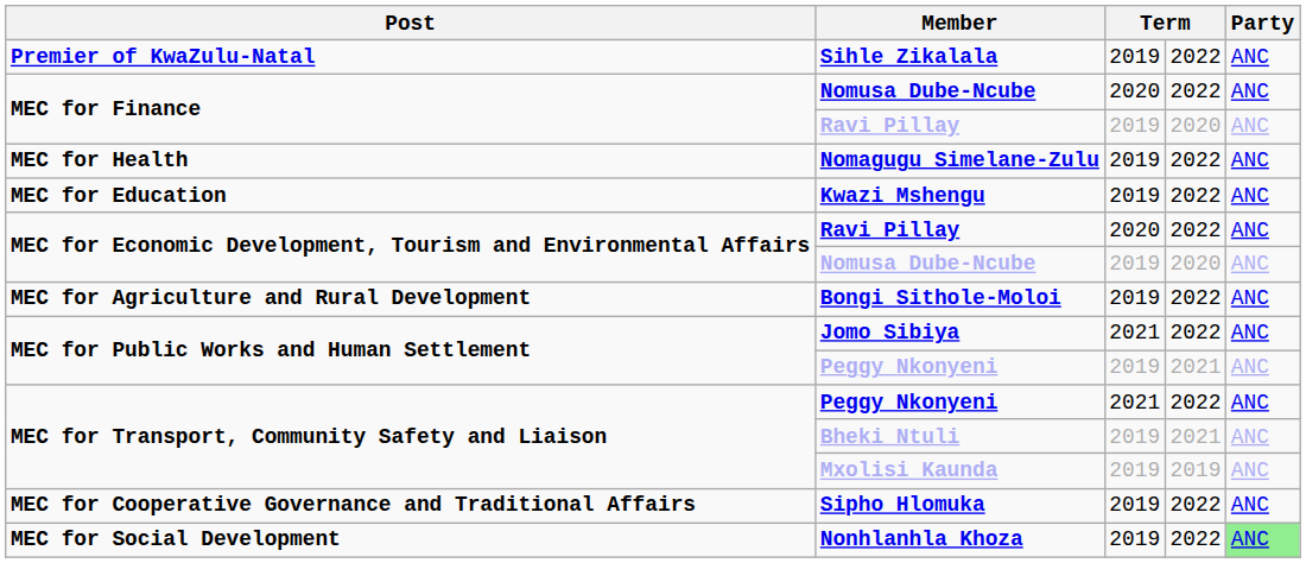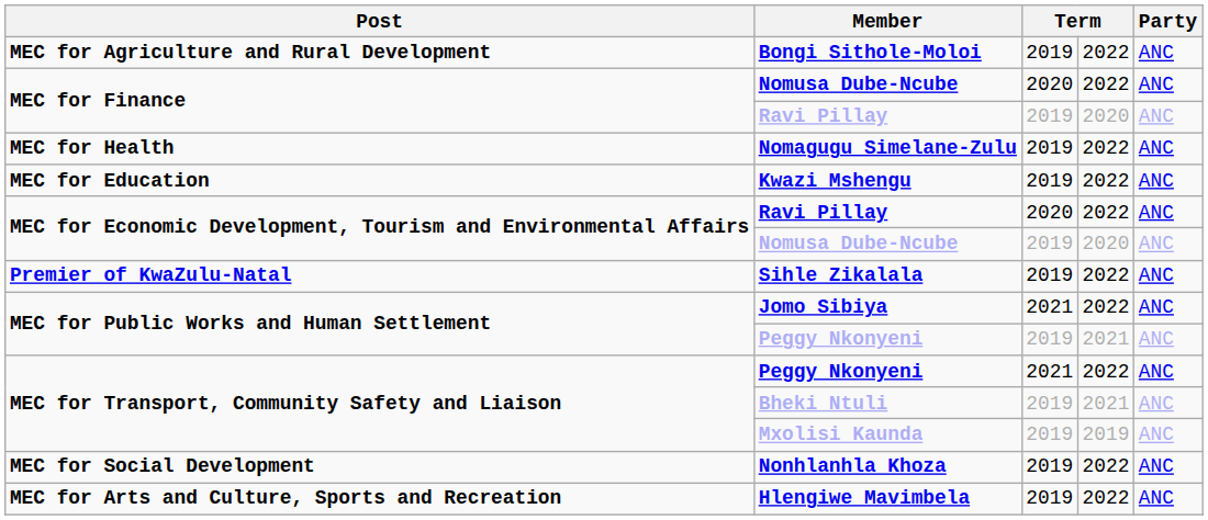 <table class="wikitable">
 <tr>
 <th>Post</th>
 <th>Member</th>
 <th colspan="2">Term</th>
 <th>Party</th>
 </tr>
 <tr>
-<td><strong><a href='#'>Premier of KwaZulu-Natal</a></strong></td>
-<td><strong><a href='#'>Sihle Zikalala</a></strong></td>
+<td><strong>MEC for Agriculture and Rural Development</strong></td>
+<td><strong><a href='#'>Bongi Sithole-Moloi</a></strong></td>
 <td>2019</td>
 <td>2022</td>
 <td><a href='#'>ANC</a></td>
 </tr>
 <tr>
 <td rowspan="2"><strong>MEC for Finance</strong></td>
 <td><strong><a href='#'>Nomusa Dube-Ncube</a></strong></td>
 <td>2020</td>
 <td>2022</td>
 <td><a href='#'>ANC</a></td>
 </tr>
 <tr style="opacity:.3;">
 <td><strong><a href='#'>Ravi Pillay</a></strong></td>
 <td>2019</td>
 <td>2020</td>
 <td><a href='#'>ANC</a></td>
 </tr>
 <tr>
 <td><strong>MEC for Health</strong></td>
 <td><strong><a href='#'>Nomagugu Simelane-Zulu</a></strong></td>
 <td>2019</td>
 <td>2022</td>
 <td><a href='#'>ANC</a></td>
 </tr>
 <tr>
 <td><strong>MEC for Education</strong></td>
 <td><strong><a href='#'>Kwazi Mshengu</a></strong></td>
 <td>2019</td>
 <td>2022</td>
 <td><a href='#'>ANC</a></td>
 </tr>
 <tr>
 <td rowspan="2"><strong>MEC for Economic Development, Tourism and Environmental Affairs</strong></td>
 <td><strong><a href='#'>Ravi Pillay</a></strong></td>
 <td>2020</td>
 <td>2022</td>
 <td><a href='#'>ANC</a></td>
 </tr>
 <tr style="opacity:.3;">
 <td><strong><a href='#'>Nomusa Dube-Ncube</a></strong></td>
 <td>2019</td>
 <td>2020</td>
 <td><a href='#'>ANC</a></td>
 </tr>
 <tr>
-<td><strong>MEC for Agriculture and Rural Development</strong></td>
-<td><strong><a href='#'>Bongi Sithole-Moloi</a></strong></td>
+<td><strong><a href='#'>Premier of KwaZulu-Natal</a></strong></td>
+<td><strong><a href='#'>Sihle Zikalala</a></strong></td>
 <td>2019</td>
 <td>2022</td>
 <td><a href='#'>ANC</a></td>
 </tr>
 <tr>
 <td rowspan="2"><strong>MEC for Public Works and Human Settlement</strong></td>
 <td><strong><a href='#'>Jomo Sibiya</a></strong></td>
 <td>2021</td>
 <td>2022</td>
 <td><a href='#'>ANC</a></td>
 </tr>
 <tr style="opacity:.3;">
 <td><strong><a href='#'>Peggy Nkonyeni</a></strong></td>
 <td>2019</td>
 <td>2021</td>
 <td><a href='#'>ANC</a></td>
 </tr>
 <tr>
 <td rowspan="3"><strong>MEC for Transport, Community Safety and Liaison</strong></td>
 <td><strong><a href='#'>Peggy Nkonyeni</a></strong></td>
 <td>2021</td>
 <td>2022</td>
 <td><a href='#'>ANC</a></td>
 </tr>
 <tr style="opacity:.3;">
 <td><strong><a href='#'>Bheki Ntuli</a></strong></td>
 <td>2019</td>
 <td>2021</td>
 <td><a href='#'>ANC</a></td>
 </tr>
 <tr style="opacity:.3;">
 <td><strong><a href='#'>Mxolisi Kaunda</a></strong></td>
 <td>2019</td>
 <td>2019</td>
 <td><a href='#'>ANC</a></td>
 </tr>
 <tr>
-<td><strong>MEC for Cooperative Governance and Traditional Affairs</strong></td>
-<td><strong><a href='#'>Sipho Hlomuka</a></strong></td>
+<td><strong>MEC for Social Development</strong></td>
+<td><strong><a href='#'>Nonhlanhla Khoza</a></strong></td>
 <td>2019</td>
 <td>2022</td>
 <td><a href='#'>ANC</a></td>
 </tr>
 <tr>
-<td><strong>MEC for Social Development</strong></td>
-<td><strong><a href='#'>Nonhlanhla Khoza</a></strong></td>
+<td><strong>MEC for Arts and Culture, Sports and Recreation</strong></td>
+<td><strong><a href='#'>Hlengiwe Mavimbela</a></strong></td>
 <td>2019</td>
 <td>2022</td>
-<td style="background: lightgreen;"><a href='#'>ANC</a></td>
+<td><a href='#'>ANC</a></td>
 </tr>
 </table>
